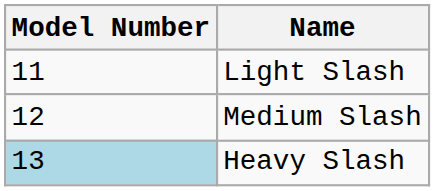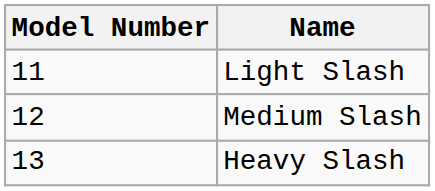 <table class="wikitable">
 <tr>
 <th>Model Number</th>
 <th>Name</th>
 </tr>
 <tr>
 <td>11</td>
 <td>Light Slash</td>
 </tr>
 <tr>
 <td>12</td>
 <td>Medium Slash</td>
 </tr>
 <tr>
-<td style="background: lightblue;">13</td>
+<td>13</td>
 <td>Heavy Slash</td>
 </tr>
 </table>
